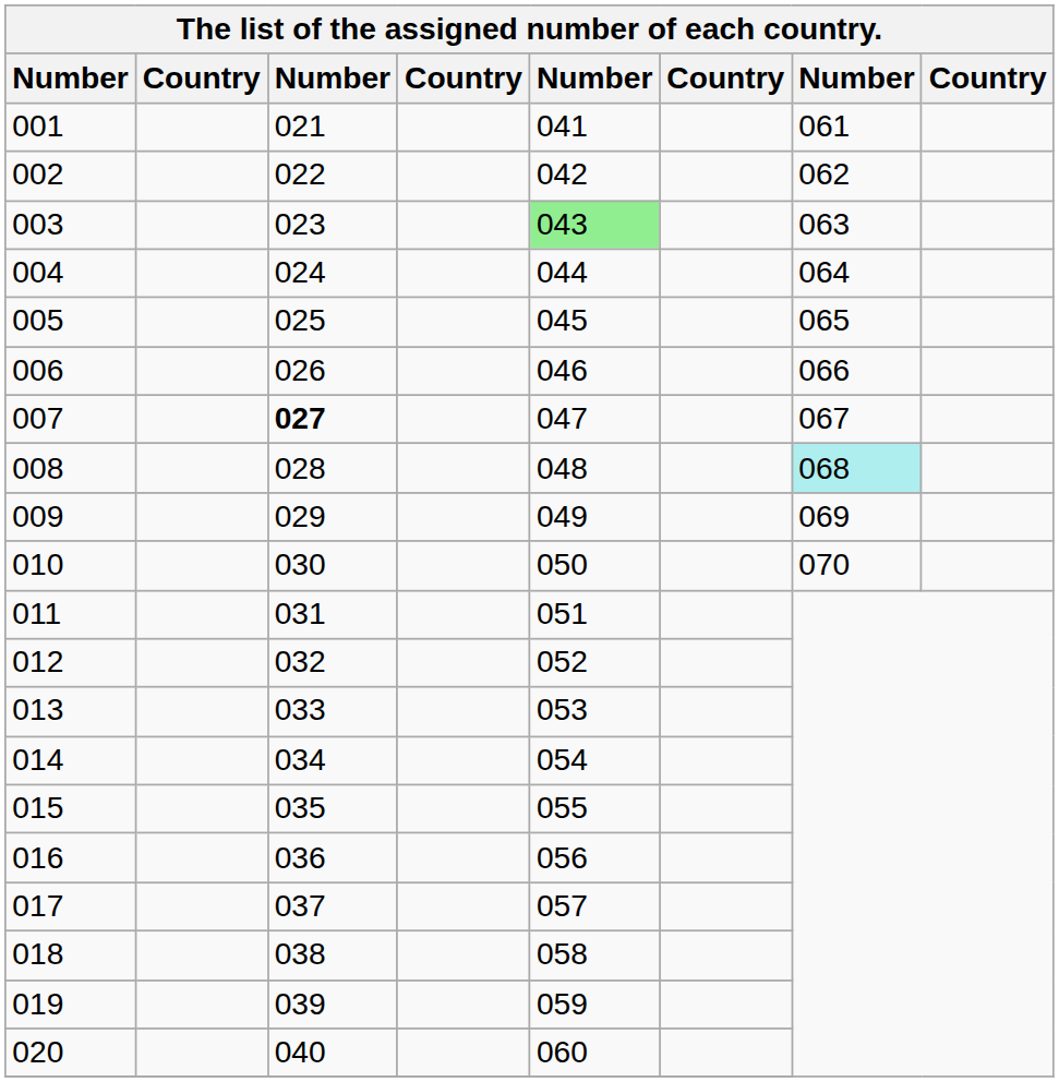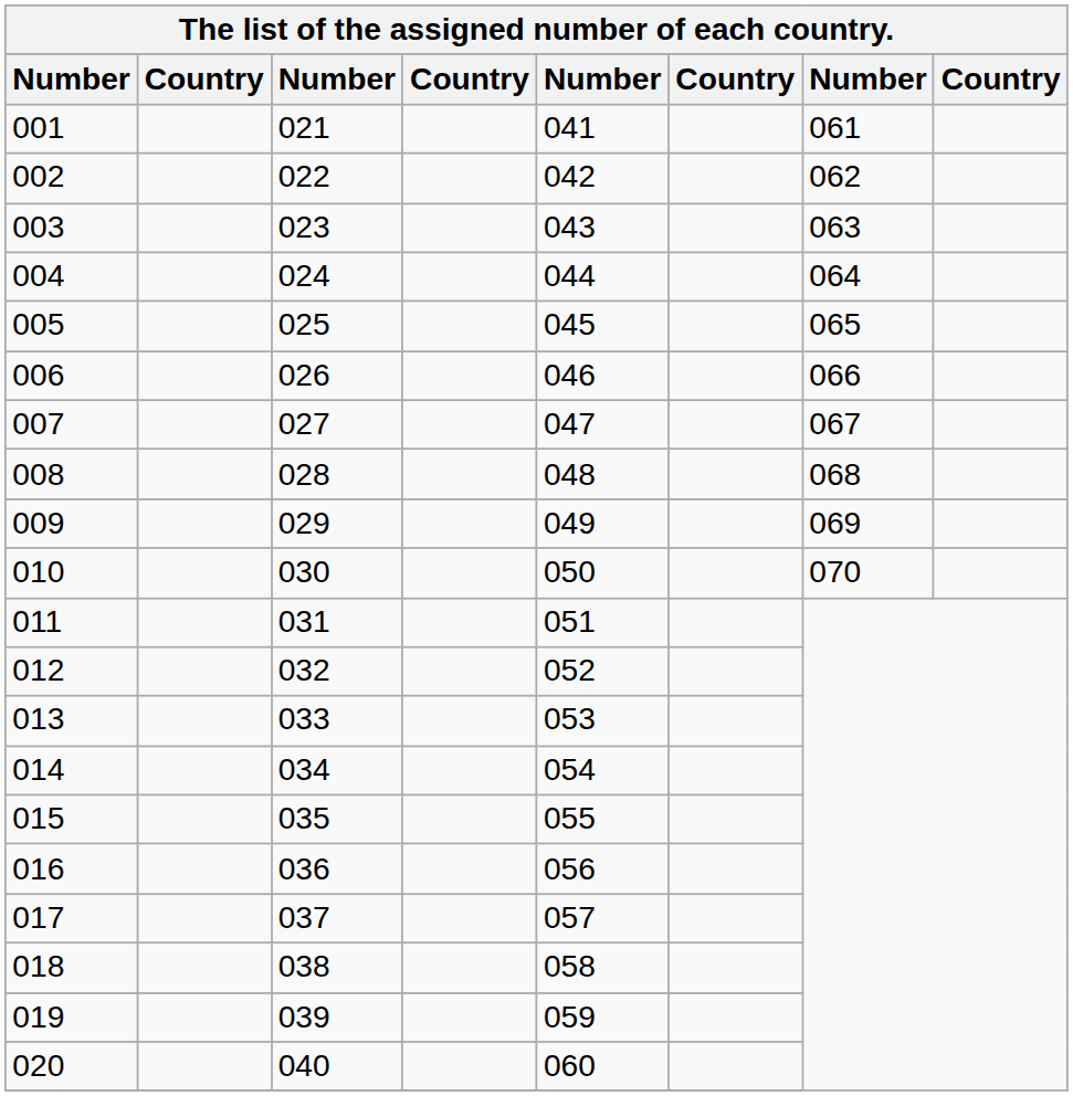 <table class="wikitable top">
 <tr>
 <th colspan="8">The list of the assigned number of each country.</th>
 </tr>
 <tr>
 <th>Number</th>
 <th>Country</th>
 <th>Number</th>
 <th>Country</th>
 <th>Number</th>
 <th>Country</th>
 <th>Number</th>
 <th>Country</th>
 </tr>
 <tr>
 <td>001</td>
 <td></td>
 <td>021</td>
 <td></td>
 <td>041</td>
 <td></td>
 <td>061</td>
 <td></td>
 </tr>
 <tr>
 <td>002</td>
 <td></td>
 <td>022</td>
 <td></td>
 <td>042</td>
 <td></td>
 <td>062</td>
 <td></td>
 </tr>
 <tr>
 <td>003</td>
 <td></td>
 <td>023</td>
 <td></td>
-<td style="background: lightgreen;">043</td>
+<td>043</td>
 <td></td>
 <td>063</td>
 <td></td>
 </tr>
 <tr>
 <td>004</td>
 <td></td>
 <td>024</td>
 <td></td>
 <td>044</td>
 <td></td>
 <td>064</td>
 <td></td>
 </tr>
 <tr>
 <td>005</td>
 <td></td>
 <td>025</td>
 <td></td>
 <td>045</td>
 <td></td>
 <td>065</td>
 <td></td>
 </tr>
 <tr>
 <td>006</td>
 <td></td>
 <td>026</td>
 <td></td>
 <td>046</td>
 <td></td>
 <td>066</td>
 <td></td>
 </tr>
 <tr>
 <td>007</td>
 <td></td>
-<td><strong>027</strong></td>
+<td>027</td>
 <td></td>
 <td>047</td>
 <td></td>
 <td>067</td>
 <td></td>
 </tr>
 <tr>
 <td>008</td>
 <td></td>
 <td>028</td>
 <td></td>
 <td>048</td>
 <td></td>
-<td style="background: paleturquoise;">068</td>
+<td>068</td>
 <td></td>
 </tr>
 <tr>
 <td>009</td>
 <td></td>
 <td>029</td>
 <td></td>
 <td>049</td>
 <td></td>
 <td>069</td>
 <td></td>
 </tr>
 <tr>
 <td>010</td>
 <td></td>
 <td>030</td>
 <td></td>
 <td>050</td>
 <td></td>
 <td>070</td>
 <td></td>
 </tr>
 <tr>
 <td>011</td>
 <td></td>
 <td>031</td>
 <td></td>
 <td>051</td>
 <td></td>
 </tr>
 <tr>
 <td>012</td>
 <td></td>
 <td>032</td>
 <td></td>
 <td>052</td>
 <td></td>
 </tr>
 <tr>
 <td>013</td>
 <td></td>
 <td>033</td>
 <td></td>
 <td>053</td>
 <td></td>
 </tr>
 <tr>
 <td>014</td>
 <td></td>
 <td>034</td>
 <td></td>
 <td>054</td>
 <td></td>
 </tr>
 <tr>
 <td>015</td>
 <td></td>
 <td>035</td>
 <td></td>
 <td>055</td>
 <td></td>
 </tr>
 <tr>
 <td>016</td>
 <td></td>
 <td>036</td>
 <td></td>
 <td>056</td>
 <td></td>
 </tr>
 <tr>
 <td>017</td>
 <td></td>
 <td>037</td>
 <td></td>
 <td>057</td>
 <td></td>
 </tr>
 <tr>
 <td>018</td>
 <td></td>
 <td>038</td>
 <td></td>
 <td>058</td>
 <td></td>
 </tr>
 <tr>
 <td>019</td>
 <td></td>
 <td>039</td>
 <td></td>
 <td>059</td>
 <td></td>
 </tr>
 <tr>
 <td>020</td>
 <td></td>
 <td>040</td>
 <td></td>
 <td>060</td>
 <td></td>
 </tr>
 <tr>
 </tr>
 </table>
